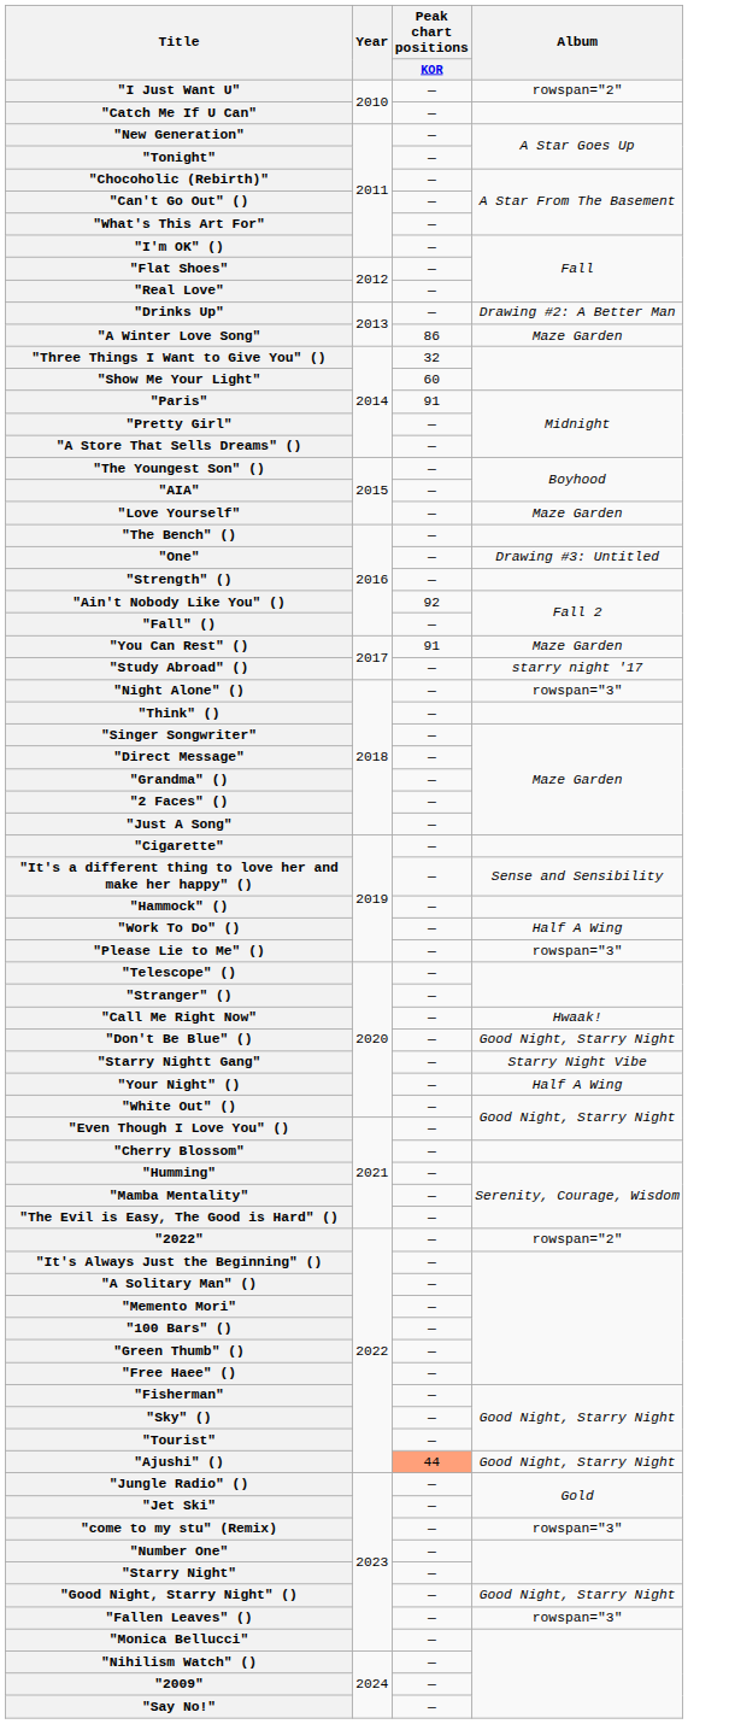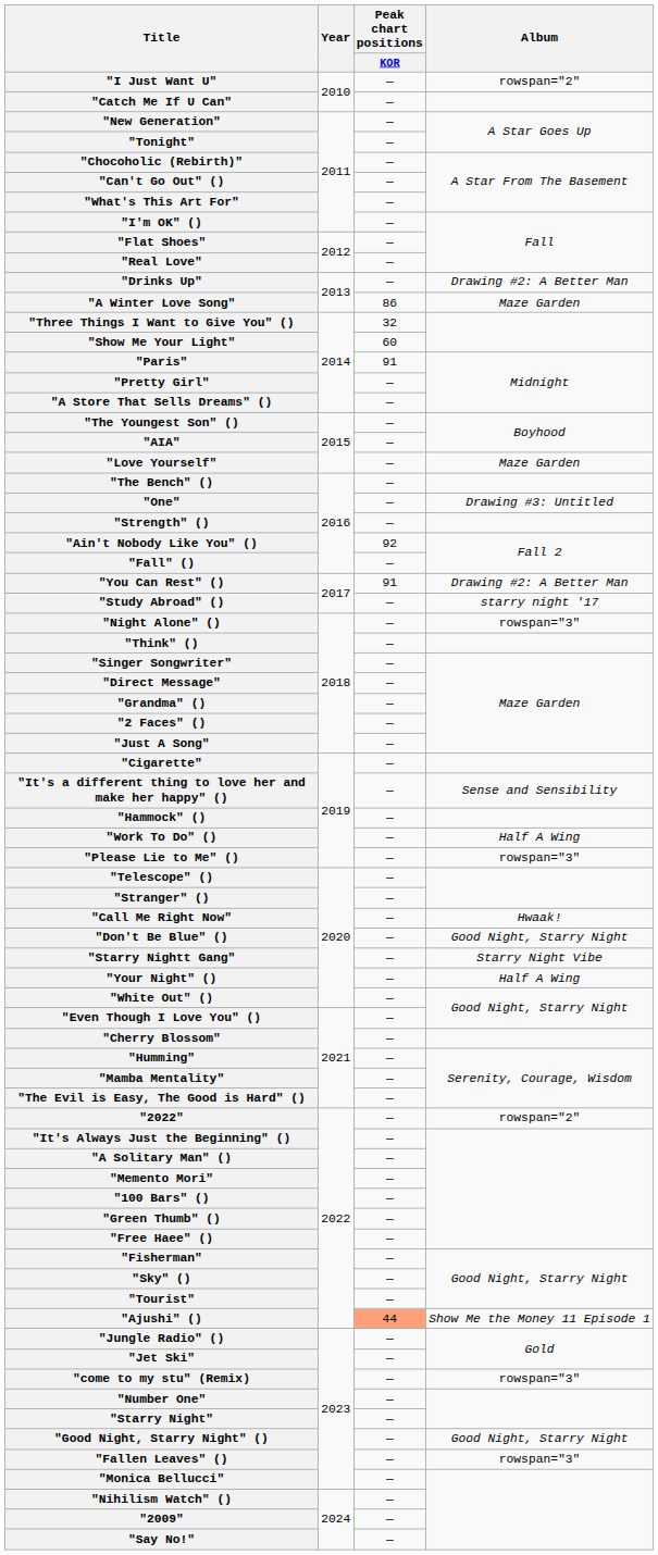 <table class="wikitable plainrowheaders" style="text-align:center;">
 <tr>
 <th scope="col" rowspan="2" style="width:25em;">Title</th>
 <th scope="col" rowspan="2">Year</th>
 <th scope="col">Peak chart positions</th>
 <th scope="col" rowspan="2">Album</th>
 </tr>
 <tr>
 <th scope="col" style="width:2.5em;font-size:90%;"><a href='#'>KOR</a><br></th>
 </tr>
 <tr>
 <th scope="row">"I Just Want U"</th>
 <td rowspan="2">2010</td>
 <td>—</td>
 <td>rowspan="2" </td>
 </tr>
 <tr>
 <th scope="row">"Catch Me If U Can"</th>
 <td>—</td>
 </tr>
 <tr>
 <th scope="row">"New Generation" </th>
 <td rowspan="6">2011</td>
 <td>—</td>
 <td rowspan="2"><em>A Star Goes Up</em></td>
 </tr>
 <tr>
 <th scope="row">"Tonight" </th>
 <td>—</td>
 </tr>
 <tr>
 <th scope="row">"Chocoholic (Rebirth)"</th>
 <td>—</td>
 <td rowspan="3"><em>A Star From The Basement</em></td>
 </tr>
 <tr>
 <th scope="row">"Can't Go Out" () </th>
 <td>—</td>
 </tr>
 <tr>
 <th scope="row">"What's This Art For"</th>
 <td>—</td>
 </tr>
 <tr>
 <th scope="row">"I'm OK" ()</th>
 <td>—</td>
 <td rowspan="3"><em>Fall</em></td>
 </tr>
 <tr>
 <th scope="row">"Flat Shoes" </th>
 <td rowspan="2">2012</td>
 <td>—</td>
 </tr>
 <tr>
 <th scope="row">"Real Love" </th>
 <td>—</td>
 </tr>
 <tr>
 <th scope="row">"Drinks Up"</th>
 <td rowspan="2">2013</td>
 <td>—</td>
 <td><em>Drawing #2: A Better Man</em></td>
 </tr>
 <tr>
 <th scope="row">"A Winter Love Song"</th>
 <td>86</td>
 <td><em>Maze Garden</em></td>
 </tr>
 <tr>
 <th scope="row">"Three Things I Want to Give You" () </th>
 <td rowspan="5">2014</td>
 <td>32</td>
 </tr>
 <tr>
 <th scope="row">"Show Me Your Light" </th>
 <td>60</td>
 </tr>
 <tr>
 <th scope="row">"Paris"</th>
 <td>91</td>
 <td rowspan="3"><em>Midnight</em></td>
 </tr>
 <tr>
 <th scope="row">"Pretty Girl" </th>
 <td>—</td>
 </tr>
 <tr>
 <th scope="row">"A Store That Sells Dreams" () </th>
 <td>—</td>
 </tr>
 <tr>
 <th scope="row">"The Youngest Son" ()</th>
 <td rowspan="3">2015</td>
 <td>—</td>
 <td rowspan="2"><em>Boyhood</em></td>
 </tr>
 <tr>
 <th scope="row">"AIA" </th>
 <td>—</td>
 </tr>
 <tr>
 <th scope="row">"Love Yourself"</th>
 <td>—</td>
 <td><em>Maze Garden</em></td>
 </tr>
 <tr>
 <th scope="row">"The Bench" ()</th>
 <td rowspan="5">2016</td>
 <td>—</td>
 </tr>
 <tr>
 <th scope="row">"One"</th>
 <td>—</td>
 <td><em>Drawing #3: Untitled</em></td>
 </tr>
 <tr>
 <th scope="row">"Strength" () </th>
 <td>—</td>
 <td></td>
 </tr>
 <tr>
 <th scope="row">"Ain't Nobody Like You" () </th>
 <td>92</td>
 <td rowspan="2"><em>Fall 2</em></td>
 </tr>
 <tr>
 <th scope="row">"Fall" () </th>
 <td>—</td>
 </tr>
 <tr>
 <th scope="row">"You Can Rest" () </th>
 <td rowspan="2">2017</td>
 <td>91</td>
-<td><em>Maze Garden</em></td>
+<td><em>Drawing #2: A Better Man</em></td>
 </tr>
 <tr>
 <th scope="row">"Study Abroad" () </th>
 <td>—</td>
 <td><em>starry night '17</em></td>
 </tr>
 <tr>
 <th scope="row">"Night Alone" ()</th>
 <td rowspan="7">2018</td>
 <td>—</td>
 <td>rowspan="3" </td>
 </tr>
 <tr>
 <th scope="row">"Think" ()</th>
 <td>—</td>
 <td></td>
 </tr>
 <tr>
 <th scope="row">"Singer Songwriter" </th>
 <td>—</td>
 <td rowspan="5"><em>Maze Garden</em></td>
 </tr>
 <tr>
 <th scope="row">"Direct Message" </th>
 <td>—</td>
 </tr>
 <tr>
 <th scope="row">"Grandma" ()</th>
 <td>—</td>
 </tr>
 <tr>
 <th scope="row">"2 Faces" ()</th>
 <td>—</td>
 </tr>
 <tr>
 <th scope="row">"Just A Song"</th>
 <td>—</td>
 </tr>
 <tr>
 <th scope="row">"Cigarette"</th>
 <td rowspan="5">2019</td>
 <td>—</td>
 <td></td>
 </tr>
 <tr>
 <th scope="row">"It's a different thing to love her and make her happy" () </th>
 <td>—</td>
 <td><em>Sense and Sensibility</em></td>
 </tr>
 <tr>
 <th scope="row">"Hammock" () </th>
 <td>—</td>
 <td></td>
 </tr>
 <tr>
 <th scope="row">"Work To Do" ()</th>
 <td>—</td>
 <td><em>Half A Wing</em></td>
 </tr>
 <tr>
 <th scope="row">"Please Lie to Me" () </th>
 <td>—</td>
 <td>rowspan="3" </td>
 </tr>
 <tr>
 <th scope="row">"Telescope" () </th>
 <td rowspan="7">2020</td>
 <td>—</td>
 </tr>
 <tr>
 <th scope="row">"Stranger" ()</th>
 <td>—</td>
 </tr>
 <tr>
 <th scope="row">"Call Me Right Now"</th>
 <td>—</td>
 <td><em>Hwaak!</em></td>
 </tr>
 <tr>
 <th scope="row">"Don't Be Blue" ()</th>
 <td>—</td>
 <td><em>Good Night, Starry Night</em></td>
 </tr>
 <tr>
 <th scope="row">"Starry Nightt Gang" </th>
 <td>—</td>
 <td><em>Starry Night Vibe</em></td>
 </tr>
 <tr>
 <th scope="row">"Your Night" ()</th>
 <td>—</td>
 <td><em>Half A Wing</em></td>
 </tr>
 <tr>
 <th scope="row">"White Out" () </th>
 <td>—</td>
 <td rowspan="2"><em>Good Night, Starry Night</em></td>
 </tr>
 <tr>
 <th scope="row">"Even Though I Love You" () </th>
 <td rowspan="5">2021</td>
 <td>—</td>
 </tr>
 <tr>
 <th scope="row">"Cherry Blossom"</th>
 <td>—</td>
 <td></td>
 </tr>
 <tr>
 <th scope="row">"Humming"</th>
 <td>—</td>
 <td rowspan="3"><em>Serenity, Courage, Wisdom</em></td>
 </tr>
 <tr>
 <th scope="row">"Mamba Mentality"</th>
 <td>—</td>
 </tr>
 <tr>
 <th scope="row">"The Evil is Easy, The Good is Hard" ()</th>
 <td>—</td>
 </tr>
 <tr>
 <th scope="row">"2022" </th>
 <td rowspan="11">2022</td>
 <td>—</td>
 <td>rowspan="2" </td>
 </tr>
 <tr>
 <th scope="row">"It's Always Just the Beginning" ()</th>
 <td>—</td>
 </tr>
 <tr>
 <th scope="row">"A Solitary Man" ()</th>
 <td>—</td>
 </tr>
 <tr>
 <th scope="row">"Memento Mori"</th>
 <td>—</td>
 </tr>
 <tr>
 <th scope="row">"100 Bars" ()</th>
 <td>—</td>
 </tr>
 <tr>
 <th scope="row">"Green Thumb" () </th>
 <td>—</td>
 </tr>
 <tr>
 <th scope="row">"Free Haee" () </th>
 <td>—</td>
 </tr>
 <tr>
 <th scope="row">"Fisherman" </th>
 <td>—</td>
 <td rowspan="3"><em>Good Night, Starry Night</em></td>
 </tr>
 <tr>
 <th scope="row">"Sky" ()</th>
 <td>—</td>
 </tr>
 <tr>
 <th scope="row">"Tourist"</th>
 <td>—</td>
 </tr>
 <tr>
 <th scope="row">"Ajushi" () </th>
 <td style="background: lightsalmon;">44</td>
-<td><em>Good Night, Starry Night</em></td>
+<td><em>Show Me the Money 11 Episode 1</em></td>
 </tr>
 <tr>
 <th scope="row">"Jungle Radio" () </th>
 <td rowspan="8">2023</td>
 <td>—</td>
 <td rowspan="2"><em>Gold</em></td>
 </tr>
 <tr>
 <th scope="row">"Jet Ski" </th>
 <td>—</td>
 </tr>
 <tr>
 <th scope="row">"come to my stu" (Remix) </th>
 <td>—</td>
 <td>rowspan="3" </td>
 </tr>
 <tr>
 <th scope="row">"Number One" </th>
 <td>—</td>
 </tr>
 <tr>
 <th scope="row">"Starry Night" </th>
 <td>—</td>
 </tr>
 <tr>
 <th scope="row">"Good Night, Starry Night" ()</th>
 <td>—</td>
 <td><em>Good Night, Starry Night</em></td>
 </tr>
 <tr>
 <th scope="row">"Fallen Leaves" ()</th>
 <td>—</td>
 <td>rowspan="3" </td>
 </tr>
 <tr>
 <th scope="row">"Monica Bellucci"</th>
 <td>—</td>
 </tr>
 <tr>
 <th scope="row">"Nihilism Watch" ()</th>
 <td rowspan="3">2024</td>
 <td>—</td>
 </tr>
 <tr>
 <th scope="row">"2009" </th>
 <td>—</td>
 </tr>
 <tr>
 <th scope="row">"Say No!" </th>
 <td>—</td>
 </tr>
 </table>
